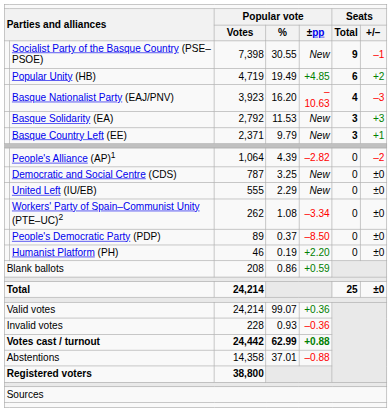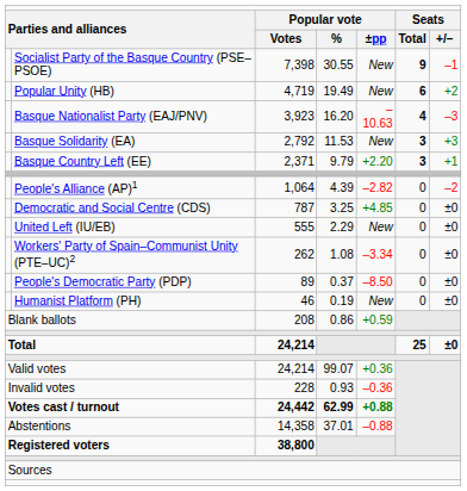 <table class="wikitable" style="text-align:right;">
 <tr>
 <td colspan="7"></td>
 </tr>
 <tr>
 <th style="text-align:left;" rowspan="2" colspan="2" width="525">Parties and alliances</th>
 <th colspan="3">Popular vote</th>
 <th colspan="2">Seats</th>
 </tr>
 <tr>
 <th width="75">Votes</th>
 <th width="45">%</th>
 <th width="45">±<a href='#'>pp</a></th>
 <th width="35">Total</th>
 <th width="35">+/−</th>
 </tr>
 <tr>
 <td width="1" style="color:inherit;background:"></td>
 <td align="left"><a href='#'>Socialist Party of the Basque Country</a> (PSE–PSOE)</td>
 <td>7,398</td>
 <td>30.55</td>
 <td><em>New</em></td>
 <td><strong>9</strong></td>
 <td style="color:red;">–1</td>
 </tr>
 <tr>
 <td style="color:inherit;background:"></td>
 <td align="left"><a href='#'>Popular Unity</a> (HB)</td>
 <td>4,719</td>
 <td>19.49</td>
-<td style="color:green;">+4.85</td>
+<td><em>New</em></td>
 <td><strong>6</strong></td>
 <td style="color:green;">+2</td>
 </tr>
 <tr>
 <td style="color:inherit;background:"></td>
 <td align="left"><a href='#'>Basque Nationalist Party</a> (EAJ/PNV)</td>
 <td>3,923</td>
 <td>16.20</td>
 <td style="color:red;">–10.63</td>
 <td><strong>4</strong></td>
 <td style="color:red;">–3</td>
 </tr>
 <tr>
 <td style="color:inherit;background:"></td>
 <td align="left"><a href='#'>Basque Solidarity</a> (EA)</td>
 <td>2,792</td>
 <td>11.53</td>
 <td><em>New</em></td>
 <td><strong>3</strong></td>
 <td style="color:green;">+3</td>
 </tr>
 <tr>
 <td style="color:inherit;background:"></td>
 <td align="left"><a href='#'>Basque Country Left</a> (EE)</td>
 <td>2,371</td>
 <td>9.79</td>
-<td><em>New</em></td>
+<td style="color:green;">+2.20</td>
 <td><strong>3</strong></td>
 <td style="color:green;">+1</td>
 </tr>
 <tr>
 <td colspan="7" bgcolor="#C0C0C0"></td>
 </tr>
 <tr>
 <td style="color:inherit;background:"></td>
 <td align="left"><a href='#'>People's Alliance</a> (AP)<sup>1</sup></td>
 <td>1,064</td>
 <td>4.39</td>
 <td style="color:red;">–2.82</td>
 <td>0</td>
 <td style="color:red;">–2</td>
 </tr>
 <tr>
 <td style="color:inherit;background:"></td>
 <td align="left"><a href='#'>Democratic and Social Centre</a> (CDS)</td>
 <td>787</td>
 <td>3.25</td>
-<td><em>New</em></td>
+<td style="color:green;">+4.85</td>
 <td>0</td>
 <td>±0</td>
 </tr>
 <tr>
 <td style="color:inherit;background:"></td>
 <td align="left"><a href='#'>United Left</a> (IU/EB)</td>
 <td>555</td>
 <td>2.29</td>
 <td><em>New</em></td>
 <td>0</td>
 <td>±0</td>
 </tr>
 <tr>
 <td style="color:inherit;background:"></td>
 <td align="left"><a href='#'>Workers' Party of Spain–Communist Unity</a> (PTE–UC)<sup>2</sup></td>
 <td>262</td>
 <td>1.08</td>
 <td style="color:red;">–3.34</td>
 <td>0</td>
 <td>±0</td>
 </tr>
 <tr>
 <td style="color:inherit;background:"></td>
 <td align="left"><a href='#'>People's Democratic Party</a> (PDP)</td>
 <td>89</td>
 <td>0.37</td>
 <td style="color:red;">–8.50</td>
 <td>0</td>
 <td>±0</td>
 </tr>
 <tr>
 <td style="color:inherit;background:"></td>
 <td align="left"><a href='#'>Humanist Platform</a> (PH)</td>
 <td>46</td>
 <td>0.19</td>
-<td style="color:green;">+2.20</td>
+<td><em>New</em></td>
 <td>0</td>
 <td>±0</td>
 </tr>
 <tr>
 <td align="left" colspan="2">Blank ballots</td>
 <td>208</td>
 <td>0.86</td>
 <td style="color:green;">+0.59</td>
 <td bgcolor="#E9E9E9" colspan="2"></td>
 </tr>
 <tr>
 <td colspan="7" bgcolor="#E9E9E9"></td>
 </tr>
 <tr style="font-weight:bold;">
 <td align="left" colspan="2">Total</td>
 <td>24,214</td>
 <td bgcolor="#E9E9E9" colspan="2"></td>
 <td>25</td>
 <td>±0</td>
 </tr>
 <tr>
 <td colspan="7" bgcolor="#E9E9E9"></td>
 </tr>
 <tr>
 <td align="left" colspan="2">Valid votes</td>
 <td>24,214</td>
 <td>99.07</td>
 <td style="color:green;">+0.36</td>
 <td bgcolor="#E9E9E9" colspan="2" rowspan="5"></td>
 </tr>
 <tr>
 <td align="left" colspan="2">Invalid votes</td>
 <td>228</td>
 <td>0.93</td>
 <td style="color:red;">–0.36</td>
 </tr>
 <tr style="font-weight:bold;">
 <td align="left" colspan="2">Votes cast / turnout</td>
 <td>24,442</td>
 <td>62.99</td>
 <td style="color:green;">+0.88</td>
 </tr>
 <tr>
 <td align="left" colspan="2">Abstentions</td>
 <td>14,358</td>
 <td>37.01</td>
 <td style="color:red;">–0.88</td>
 </tr>
 <tr style="font-weight:bold;">
 <td align="left" colspan="2">Registered voters</td>
 <td>38,800</td>
 <td bgcolor="#E9E9E9" colspan="2"></td>
 </tr>
 <tr>
 <td colspan="7" bgcolor="#E9E9E9"></td>
 </tr>
 <tr>
 <td align="left" colspan="7">Sources</td>
 </tr>
 <tr>
 <td colspan="7" style="text-align:left; max-width:790px;"></td>
 </tr>
 </table>
